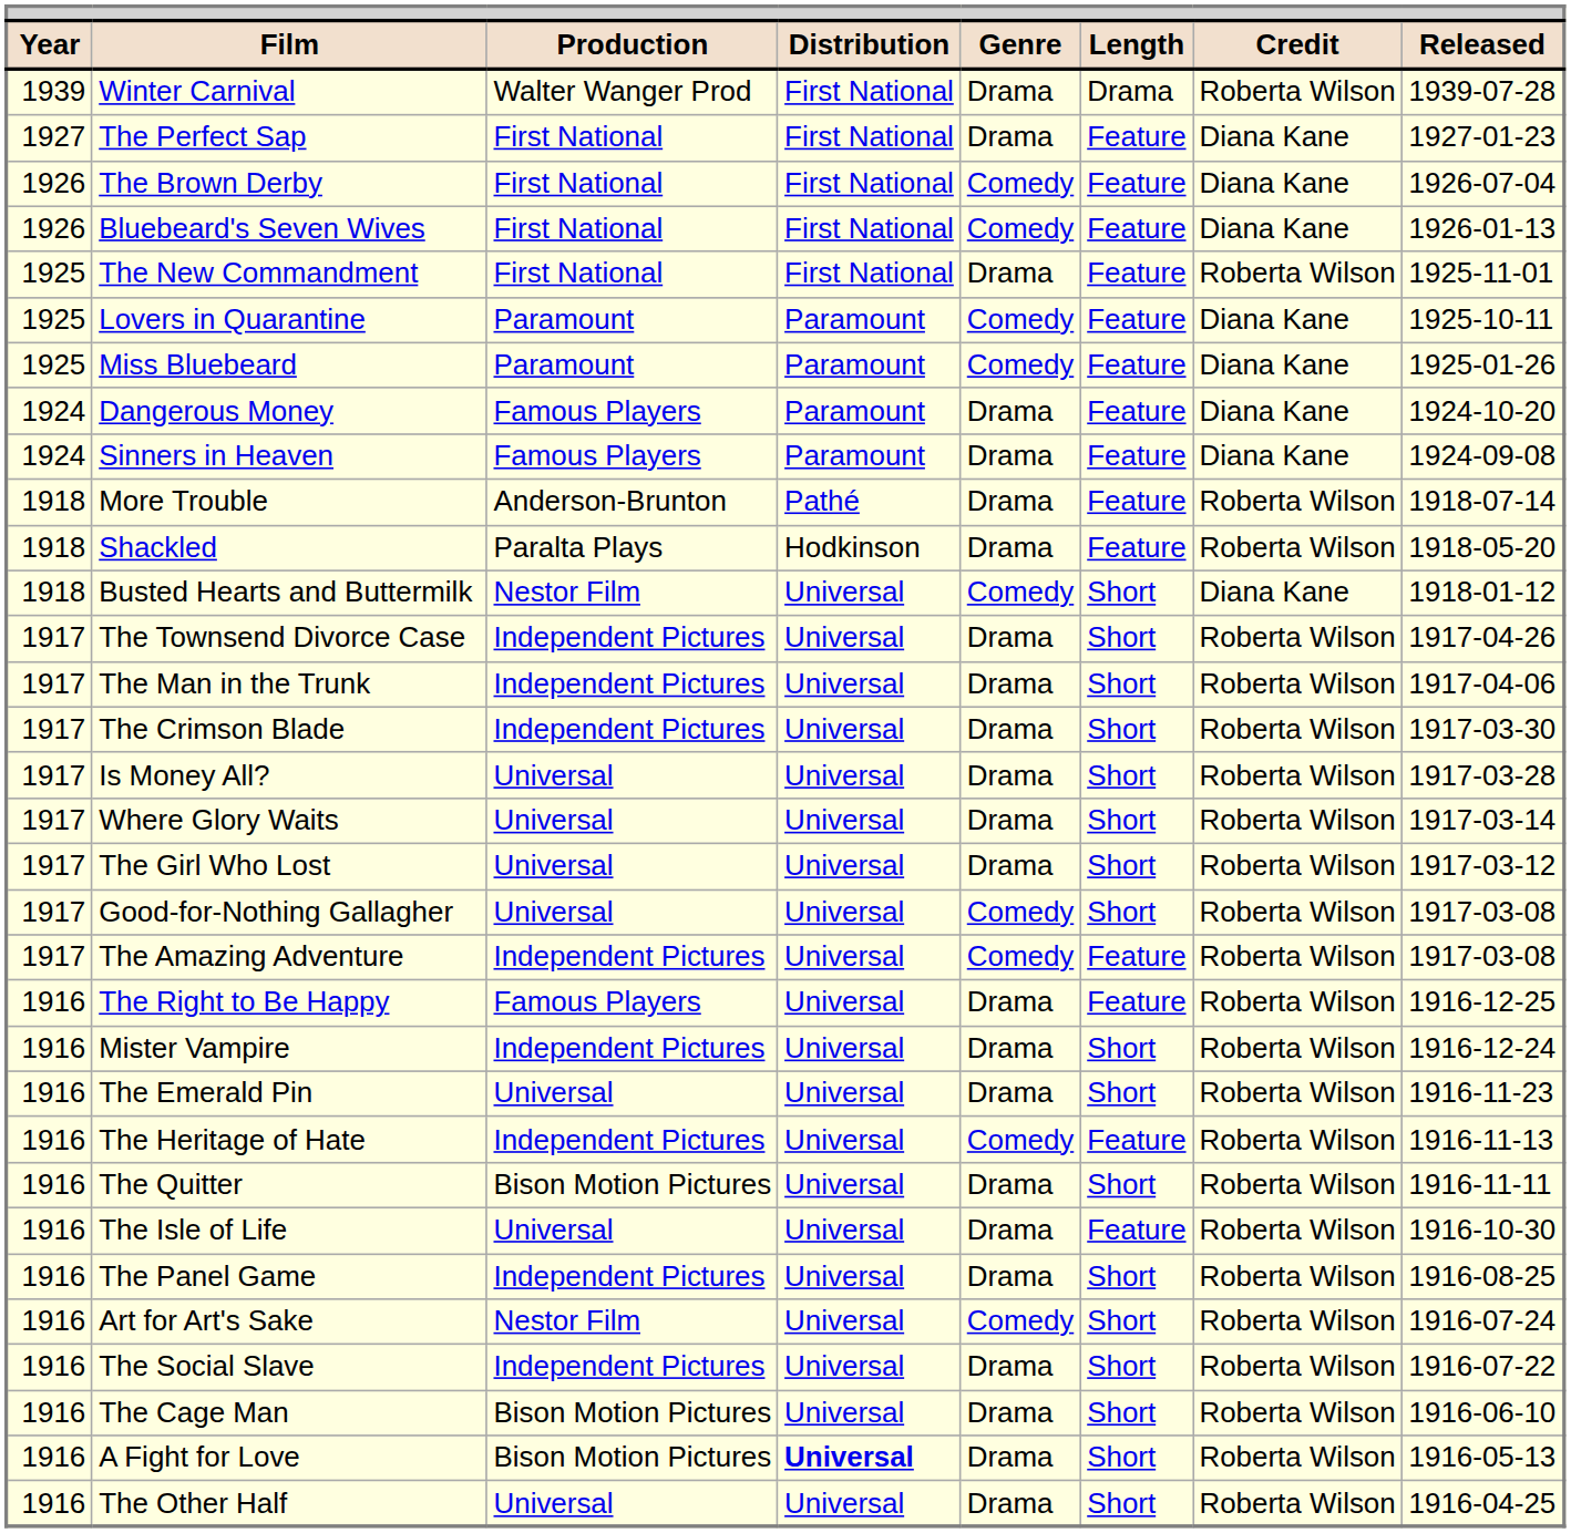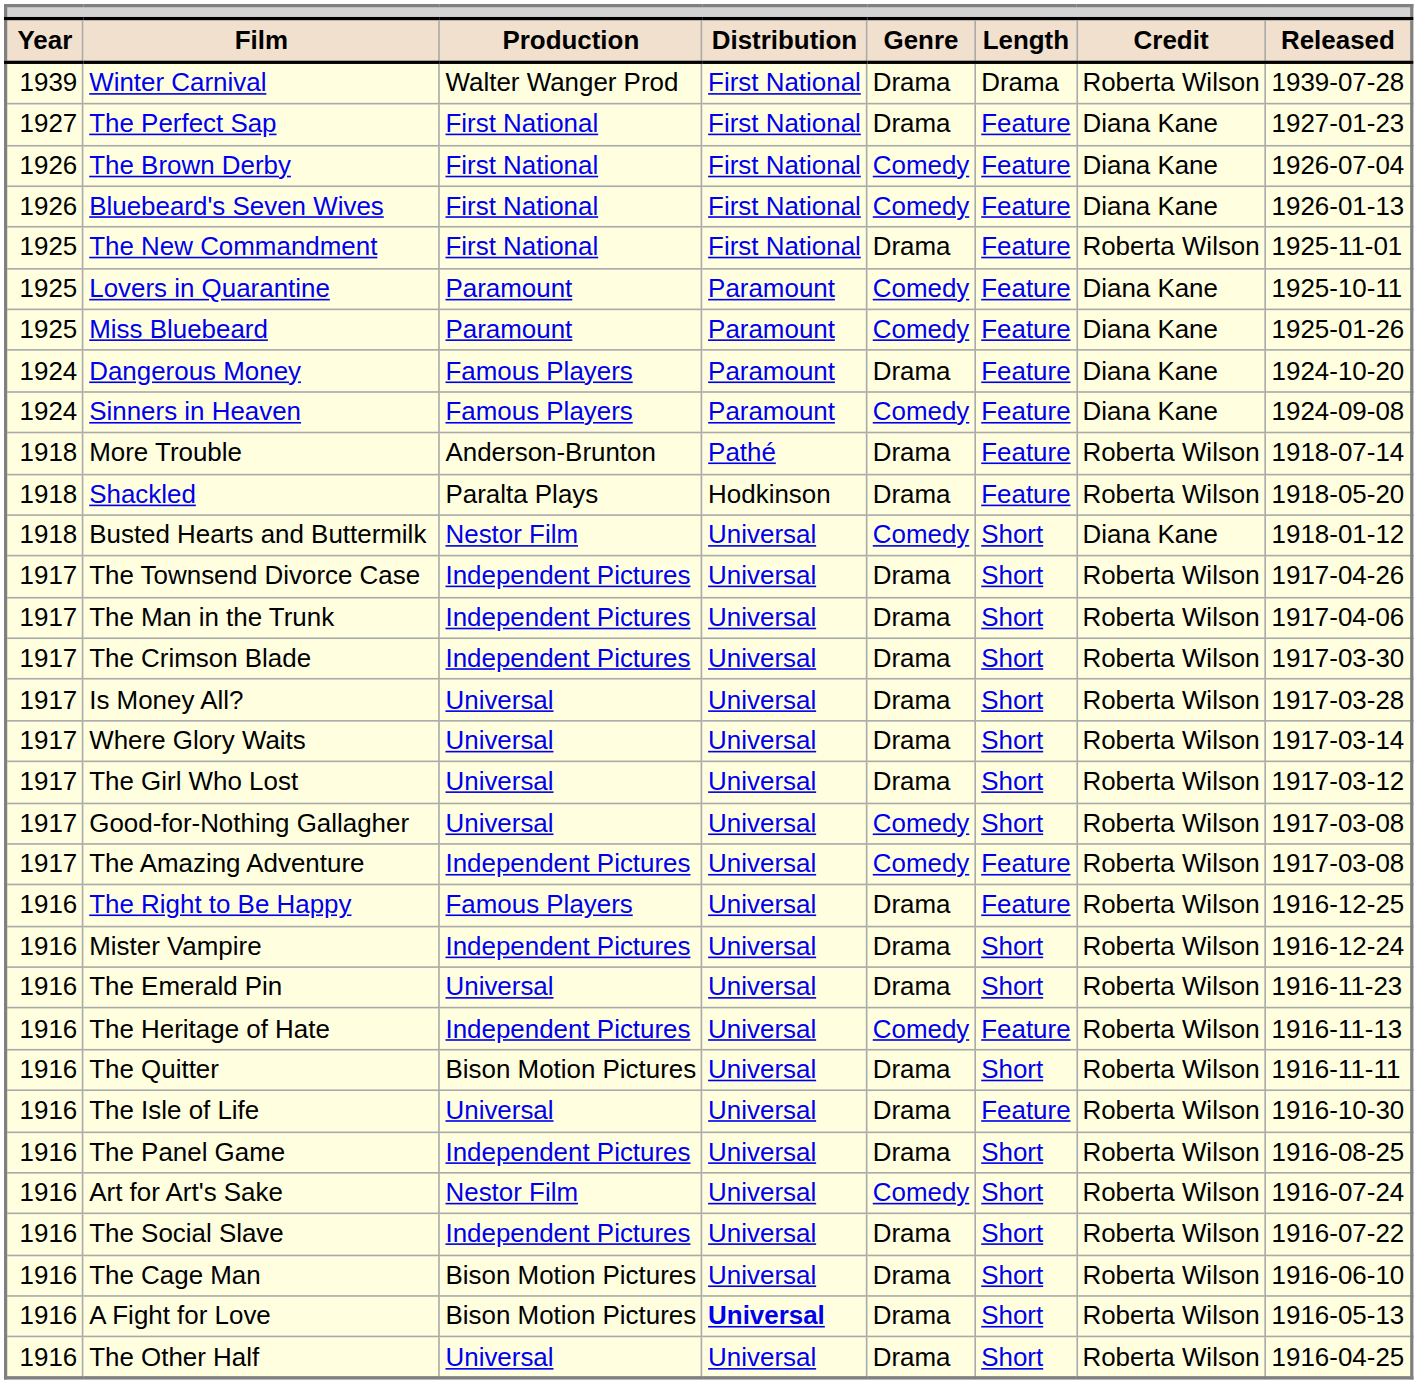 <table class="wikitable sortable mw-collapsible mw-collapsed" style="background:lightyellow; border:2px solid gray;">
 <tr>
 <th colspan="18" style="border:1px solid #808080;background:lightgrey;"></th>
 </tr>
 <tr>
 <th style="border-bottom:2px solid black;border-top:2px solid black;background:#F2E0CE">Year</th>
 <th style="border-bottom:2px solid black;border-top:2px solid black;background:#F2E0CE">Film</th>
 <th style="border-bottom:2px solid black;border-top:2px solid black;background:#F2E0CE">Production</th>
 <th style="border-bottom:2px solid black;border-top:2px solid black;background:#F2E0CE">Distribution</th>
 <th style="border-bottom:2px solid black;border-top:2px solid black;background:#F2E0CE">Genre</th>
 <th style="border-bottom:2px solid black;border-top:2px solid black;background:#F2E0CE">Length</th>
 <th style="border-bottom:2px solid black;border-top:2px solid black;background:#F2E0CE">Credit</th>
 <th style="border-bottom:2px solid black;border-top:2px solid black;background:#F2E0CE">Released</th>
 </tr>
 <tr>
 <td> 1939</td>
 <td><a href='#'>Winter Carnival</a></td>
 <td>Walter Wanger Prod</td>
 <td><a href='#'>First National</a></td>
 <td>Drama</td>
 <td>Drama</td>
 <td>Roberta Wilson</td>
 <td>1939-07-28</td>
 </tr>
 <tr>
 <td> 1927</td>
 <td><a href='#'>The Perfect Sap</a></td>
 <td><a href='#'>First National</a></td>
 <td><a href='#'>First National</a></td>
 <td>Drama</td>
 <td><a href='#'>Feature</a></td>
 <td>Diana Kane</td>
 <td>1927-01-23</td>
 </tr>
 <tr>
 <td> 1926</td>
 <td><a href='#'>The Brown Derby</a></td>
 <td><a href='#'>First National</a></td>
 <td><a href='#'>First National</a></td>
 <td><a href='#'>Comedy</a></td>
 <td><a href='#'>Feature</a></td>
 <td>Diana Kane</td>
 <td>1926-07-04</td>
 </tr>
 <tr>
 <td> 1926</td>
 <td><a href='#'>Bluebeard's Seven Wives</a></td>
 <td><a href='#'>First National</a></td>
 <td><a href='#'>First National</a></td>
 <td><a href='#'>Comedy</a></td>
 <td><a href='#'>Feature</a></td>
 <td>Diana Kane</td>
 <td>1926-01-13</td>
 </tr>
 <tr>
 <td> 1925</td>
 <td><a href='#'>The New Commandment</a></td>
 <td><a href='#'>First National</a></td>
 <td><a href='#'>First National</a></td>
 <td>Drama</td>
 <td><a href='#'>Feature</a></td>
 <td>Roberta Wilson</td>
 <td>1925-11-01</td>
 </tr>
 <tr>
 <td> 1925</td>
 <td><a href='#'>Lovers in Quarantine</a></td>
 <td><a href='#'>Paramount</a></td>
 <td><a href='#'>Paramount</a></td>
 <td><a href='#'>Comedy</a></td>
 <td><a href='#'>Feature</a></td>
 <td>Diana Kane</td>
 <td>1925-10-11</td>
 </tr>
 <tr>
 <td> 1925</td>
 <td><a href='#'>Miss Bluebeard</a></td>
 <td><a href='#'>Paramount</a></td>
 <td><a href='#'>Paramount</a></td>
 <td><a href='#'>Comedy</a></td>
 <td><a href='#'>Feature</a></td>
 <td>Diana Kane</td>
 <td>1925-01-26</td>
 </tr>
 <tr>
 <td> 1924</td>
 <td><a href='#'>Dangerous Money</a></td>
 <td><a href='#'>Famous Players</a></td>
 <td><a href='#'>Paramount</a></td>
 <td>Drama</td>
 <td><a href='#'>Feature</a></td>
 <td>Diana Kane</td>
 <td>1924-10-20</td>
 </tr>
 <tr>
 <td> 1924</td>
 <td><a href='#'>Sinners in Heaven</a></td>
 <td><a href='#'>Famous Players</a></td>
 <td><a href='#'>Paramount</a></td>
-<td>Drama</td>
+<td><a href='#'>Comedy</a></td>
 <td><a href='#'>Feature</a></td>
 <td>Diana Kane</td>
 <td>1924-09-08</td>
 </tr>
 <tr>
 <td> 1918</td>
 <td>More Trouble</td>
 <td>Anderson-Brunton</td>
 <td><a href='#'>Pathé</a></td>
 <td>Drama</td>
 <td><a href='#'>Feature</a></td>
 <td>Roberta Wilson</td>
 <td>1918-07-14</td>
 </tr>
 <tr>
 <td> 1918</td>
 <td><a href='#'>Shackled</a></td>
 <td>Paralta Plays</td>
 <td>Hodkinson</td>
 <td>Drama</td>
 <td><a href='#'>Feature</a></td>
 <td>Roberta Wilson</td>
 <td>1918-05-20</td>
 </tr>
 <tr>
 <td> 1918</td>
 <td>Busted Hearts and Buttermilk </td>
 <td><a href='#'>Nestor Film</a></td>
 <td><a href='#'>Universal</a></td>
 <td><a href='#'>Comedy</a></td>
 <td><a href='#'>Short</a></td>
 <td>Diana Kane</td>
 <td>1918-01-12</td>
 </tr>
 <tr>
 <td> 1917</td>
 <td>The Townsend Divorce Case </td>
 <td><a href='#'>Independent Pictures</a></td>
 <td><a href='#'>Universal</a></td>
 <td>Drama</td>
 <td><a href='#'>Short</a></td>
 <td>Roberta Wilson</td>
 <td>1917-04-26</td>
 </tr>
 <tr>
 <td> 1917</td>
 <td>The Man in the Trunk </td>
 <td><a href='#'>Independent Pictures</a></td>
 <td><a href='#'>Universal</a></td>
 <td>Drama</td>
 <td><a href='#'>Short</a></td>
 <td>Roberta Wilson</td>
 <td>1917-04-06</td>
 </tr>
 <tr>
 <td> 1917</td>
 <td>The Crimson Blade </td>
 <td><a href='#'>Independent Pictures</a></td>
 <td><a href='#'>Universal</a></td>
 <td>Drama</td>
 <td><a href='#'>Short</a></td>
 <td>Roberta Wilson</td>
 <td>1917-03-30</td>
 </tr>
 <tr>
 <td> 1917</td>
 <td>Is Money All? </td>
 <td><a href='#'>Universal</a></td>
 <td><a href='#'>Universal</a></td>
 <td>Drama</td>
 <td><a href='#'>Short</a></td>
 <td>Roberta Wilson</td>
 <td>1917-03-28</td>
 </tr>
 <tr>
 <td> 1917</td>
 <td>Where Glory Waits </td>
 <td><a href='#'>Universal</a></td>
 <td><a href='#'>Universal</a></td>
 <td>Drama</td>
 <td><a href='#'>Short</a></td>
 <td>Roberta Wilson</td>
 <td>1917-03-14</td>
 </tr>
 <tr>
 <td> 1917</td>
 <td>The Girl Who Lost </td>
 <td><a href='#'>Universal</a></td>
 <td><a href='#'>Universal</a></td>
 <td>Drama</td>
 <td><a href='#'>Short</a></td>
 <td>Roberta Wilson</td>
 <td>1917-03-12</td>
 </tr>
 <tr>
 <td> 1917</td>
 <td>Good-for-Nothing Gallagher </td>
 <td><a href='#'>Universal</a></td>
 <td><a href='#'>Universal</a></td>
 <td><a href='#'>Comedy</a></td>
 <td><a href='#'>Short</a></td>
 <td>Roberta Wilson</td>
 <td>1917-03-08</td>
 </tr>
 <tr>
 <td> 1917</td>
 <td>The Amazing Adventure</td>
 <td><a href='#'>Independent Pictures</a></td>
 <td><a href='#'>Universal</a></td>
 <td><a href='#'>Comedy</a></td>
 <td><a href='#'>Feature</a></td>
 <td>Roberta Wilson</td>
 <td>1917-03-08</td>
 </tr>
 <tr>
 <td> 1916</td>
 <td><a href='#'>The Right to Be Happy</a></td>
 <td><a href='#'>Famous Players</a></td>
 <td><a href='#'>Universal</a></td>
 <td>Drama</td>
 <td><a href='#'>Feature</a></td>
 <td>Roberta Wilson</td>
 <td>1916-12-25</td>
 </tr>
 <tr>
 <td> 1916</td>
 <td>Mister Vampire </td>
 <td><a href='#'>Independent Pictures</a></td>
 <td><a href='#'>Universal</a></td>
 <td>Drama</td>
 <td><a href='#'>Short</a></td>
 <td>Roberta Wilson</td>
 <td>1916-12-24</td>
 </tr>
 <tr>
 <td> 1916</td>
 <td>The Emerald Pin </td>
 <td><a href='#'>Universal</a></td>
 <td><a href='#'>Universal</a></td>
 <td>Drama</td>
 <td><a href='#'>Short</a></td>
 <td>Roberta Wilson</td>
 <td>1916-11-23</td>
 </tr>
 <tr>
 <td> 1916</td>
 <td>The Heritage of Hate</td>
 <td><a href='#'>Independent Pictures</a></td>
 <td><a href='#'>Universal</a></td>
 <td><a href='#'>Comedy</a></td>
 <td><a href='#'>Feature</a></td>
 <td>Roberta Wilson</td>
 <td>1916-11-13</td>
 </tr>
 <tr>
 <td> 1916</td>
 <td>The Quitter </td>
 <td>Bison Motion Pictures</td>
 <td><a href='#'>Universal</a></td>
 <td>Drama</td>
 <td><a href='#'>Short</a></td>
 <td>Roberta Wilson</td>
 <td>1916-11-11</td>
 </tr>
 <tr>
 <td> 1916</td>
 <td>The Isle of Life</td>
 <td><a href='#'>Universal</a></td>
 <td><a href='#'>Universal</a></td>
 <td>Drama</td>
 <td><a href='#'>Feature</a></td>
 <td>Roberta Wilson</td>
 <td>1916-10-30</td>
 </tr>
 <tr>
 <td> 1916</td>
 <td>The Panel Game </td>
 <td><a href='#'>Independent Pictures</a></td>
 <td><a href='#'>Universal</a></td>
 <td>Drama</td>
 <td><a href='#'>Short</a></td>
 <td>Roberta Wilson</td>
 <td>1916-08-25</td>
 </tr>
 <tr>
 <td> 1916</td>
 <td>Art for Art's Sake </td>
 <td><a href='#'>Nestor Film</a></td>
 <td><a href='#'>Universal</a></td>
 <td><a href='#'>Comedy</a></td>
 <td><a href='#'>Short</a></td>
 <td>Roberta Wilson</td>
 <td>1916-07-24</td>
 </tr>
 <tr>
 <td> 1916</td>
 <td>The Social Slave </td>
 <td><a href='#'>Independent Pictures</a></td>
 <td><a href='#'>Universal</a></td>
 <td>Drama</td>
 <td><a href='#'>Short</a></td>
 <td>Roberta Wilson</td>
 <td>1916-07-22</td>
 </tr>
 <tr>
 <td> 1916</td>
 <td>The Cage Man </td>
 <td>Bison Motion Pictures</td>
 <td><a href='#'>Universal</a></td>
 <td>Drama</td>
 <td><a href='#'>Short</a></td>
 <td>Roberta Wilson</td>
 <td>1916-06-10</td>
 </tr>
 <tr>
 <td> 1916</td>
 <td>A Fight for Love </td>
 <td>Bison Motion Pictures</td>
 <td><strong><a href='#'>Universal</a></strong></td>
 <td>Drama</td>
 <td><a href='#'>Short</a></td>
 <td>Roberta Wilson</td>
 <td>1916-05-13</td>
 </tr>
 <tr>
 <td> 1916</td>
 <td>The Other Half </td>
 <td><a href='#'>Universal</a></td>
 <td><a href='#'>Universal</a></td>
 <td>Drama</td>
 <td><a href='#'>Short</a></td>
 <td>Roberta Wilson</td>
 <td>1916-04-25</td>
 </tr>
 <tr>
 </tr>
 </table>
